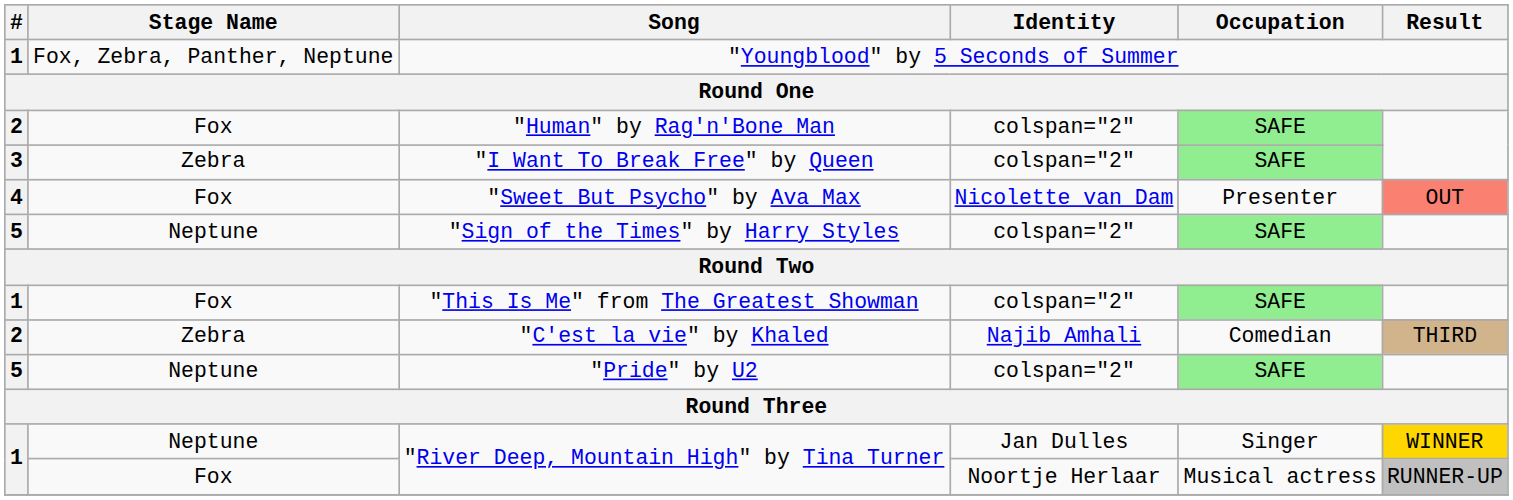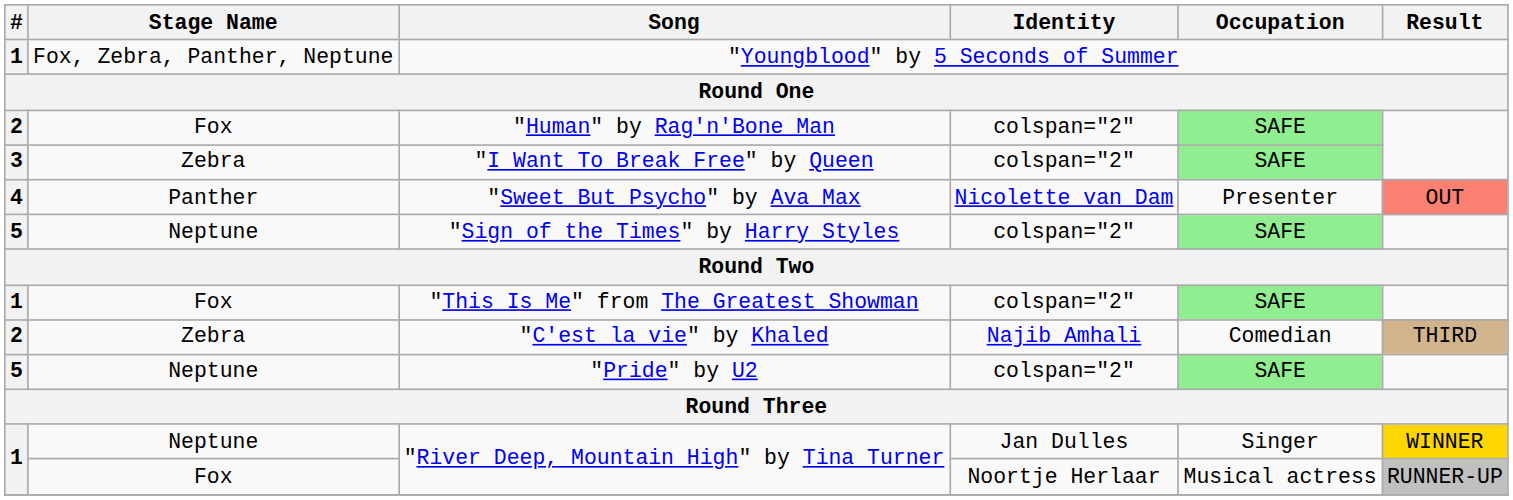 <table class="wikitable plainrowheaders" style="text-align: center;">
 <tr>
 <th>#</th>
 <th>Stage Name</th>
 <th>Song</th>
 <th>Identity</th>
 <th>Occupation</th>
 <th>Result</th>
 </tr>
 <tr>
 <th>1</th>
 <td>Fox, Zebra, Panther, Neptune</td>
 <td colspan="4">"<a href='#'>Youngblood</a>" by <a href='#'>5 Seconds of Summer</a></td>
 </tr>
 <tr>
 <th colspan="6">Round One</th>
 </tr>
 <tr>
 <th>2</th>
 <td>Fox</td>
 <td>"<a href='#'>Human</a>" by <a href='#'>Rag'n'Bone Man</a></td>
 <td>colspan="2" </td>
 <td bgcolor="lightgreen">SAFE</td>
 </tr>
 <tr>
 <th>3</th>
 <td>Zebra</td>
 <td>"<a href='#'>I Want To Break Free</a>" by <a href='#'>Queen</a></td>
 <td>colspan="2" </td>
 <td bgcolor="lightgreen">SAFE</td>
 </tr>
 <tr>
 <th>4</th>
-<td>Fox</td>
+<td>Panther</td>
 <td>"<a href='#'>Sweet But Psycho</a>" by <a href='#'>Ava Max</a></td>
 <td><a href='#'>Nicolette van Dam</a></td>
 <td>Presenter</td>
 <td bgcolor="salmon">OUT</td>
 </tr>
 <tr>
 <th>5</th>
 <td>Neptune</td>
 <td>"<a href='#'>Sign of the Times</a>" by <a href='#'>Harry Styles</a></td>
 <td>colspan="2" </td>
 <td bgcolor="lightgreen">SAFE</td>
 </tr>
 <tr>
 <th colspan="6">Round Two</th>
 </tr>
 <tr>
 <th>1</th>
 <td>Fox</td>
 <td>"<a href='#'>This Is Me</a>" from <a href='#'>The Greatest Showman</a></td>
 <td>colspan="2" </td>
 <td bgcolor="lightgreen">SAFE</td>
 </tr>
 <tr>
 <th>2</th>
 <td>Zebra</td>
 <td>"<a href='#'>C'est la vie</a>" by <a href='#'>Khaled</a></td>
 <td><a href='#'>Najib Amhali</a></td>
 <td>Comedian</td>
 <td bgcolor="tan">THIRD</td>
 </tr>
 <tr>
 <th>5</th>
 <td>Neptune</td>
 <td>"<a href='#'>Pride</a>" by <a href='#'>U2</a></td>
 <td>colspan="2" </td>
 <td bgcolor="lightgreen">SAFE</td>
 </tr>
 <tr>
 <th colspan="6">Round Three</th>
 </tr>
 <tr>
 <th rowspan="2">1</th>
 <td>Neptune</td>
 <td rowspan="2">"<a href='#'>River Deep, Mountain High</a>" by <a href='#'>Tina Turner</a></td>
 <td>Jan Dulles</td>
 <td>Singer</td>
 <td bgcolor="gold">WINNER</td>
 </tr>
 <tr>
 <td>Fox</td>
 <td>Noortje Herlaar</td>
 <td>Musical actress</td>
 <td bgcolor="silver">RUNNER-UP</td>
 </tr>
 <tr>
 </tr>
 </table>
